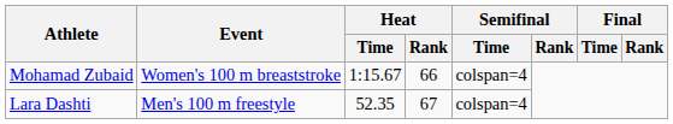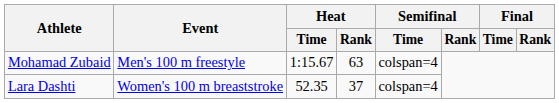 <table class=wikitable style="font-size:90%">
 <tr>
 <th rowspan="2">Athlete</th>
 <th rowspan="2">Event</th>
 <th colspan="2">Heat</th>
 <th colspan="2">Semifinal</th>
 <th colspan="2">Final</th>
 </tr>
 <tr style="font-size:95%">
 <th>Time</th>
 <th>Rank</th>
 <th>Time</th>
 <th>Rank</th>
 <th>Time</th>
 <th>Rank</th>
 </tr>
 <tr align=center>
 <td align=left><a href='#'>Mohamad Zubaid</a></td>
-<td align=left><a href='#'>Women's 100 m breaststroke</a></td>
+<td align=left><a href='#'>Men's 100 m freestyle</a></td>
 <td>1:15.67</td>
-<td>66</td>
+<td>63</td>
 <td>colspan=4</td>
 </tr>
 <tr align=center>
 <td align=left><a href='#'>Lara Dashti</a></td>
-<td align=left><a href='#'>Men's 100 m freestyle</a></td>
+<td align=left><a href='#'>Women's 100 m breaststroke</a></td>
 <td>52.35</td>
-<td>67</td>
+<td>37</td>
 <td>colspan=4</td>
 </tr>
 </table>
